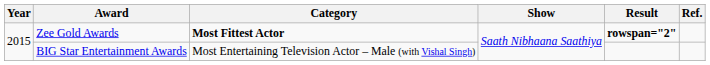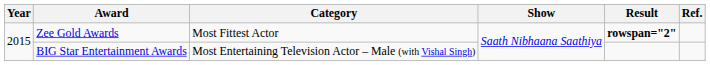 <table class="wikitable sortable">
 <tr>
 <th>Year</th>
 <th>Award</th>
 <th>Category</th>
 <th>Show</th>
 <th>Result</th>
 <th>Ref.</th>
 </tr>
 <tr>
 <td rowspan="2">2015</td>
 <td><a href='#'>Zee Gold Awards</a></td>
-<td><strong>Most Fittest Actor</strong></td>
+<td>Most Fittest Actor</td>
 <td rowspan="2"><em><a href='#'>Saath Nibhaana Saathiya</a></em></td>
 <td><strong>rowspan="2" </strong></td>
 <td></td>
 </tr>
 <tr>
 <td><a href='#'>BIG Star Entertainment Awards</a></td>
 <td>Most Entertaining Television Actor – Male <small>(with <a href='#'>Vishal Singh</a>)</small></td>
 <td></td>
 </tr>
 </table>
